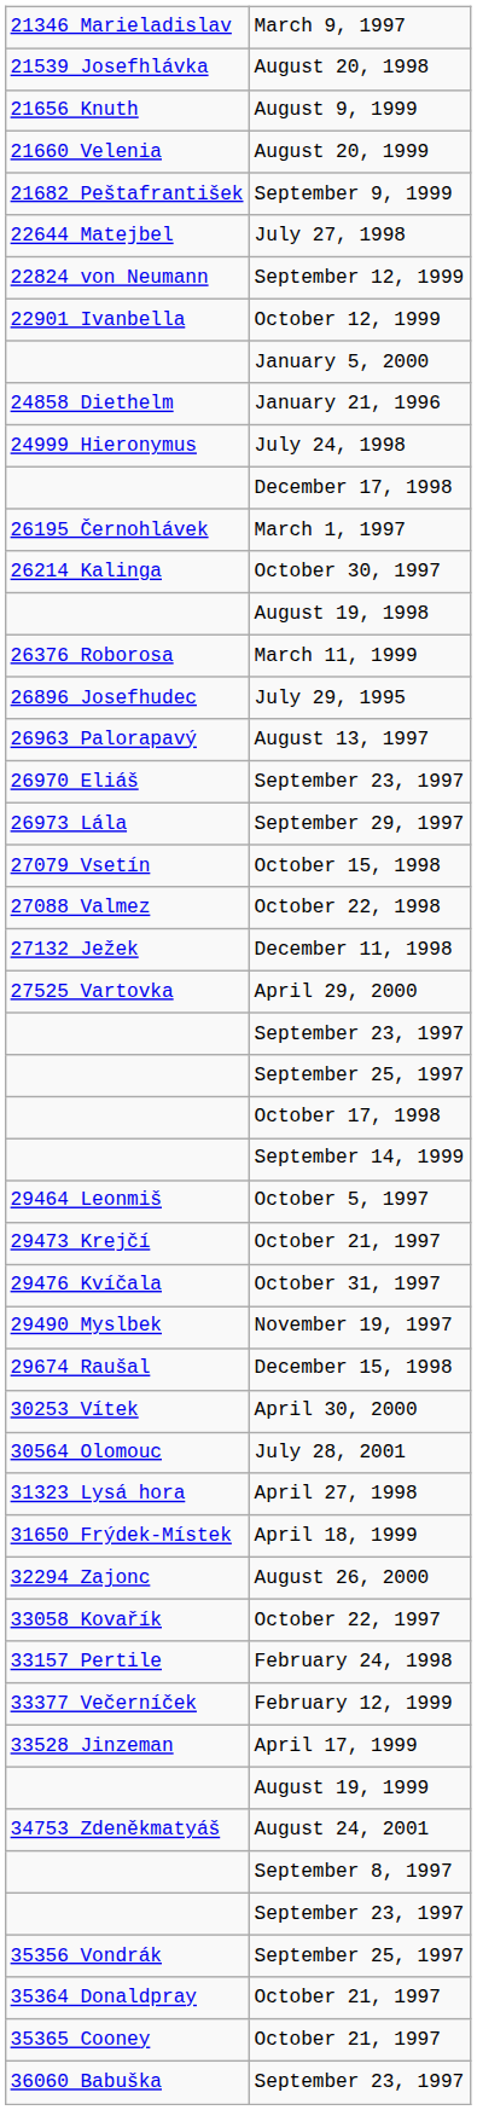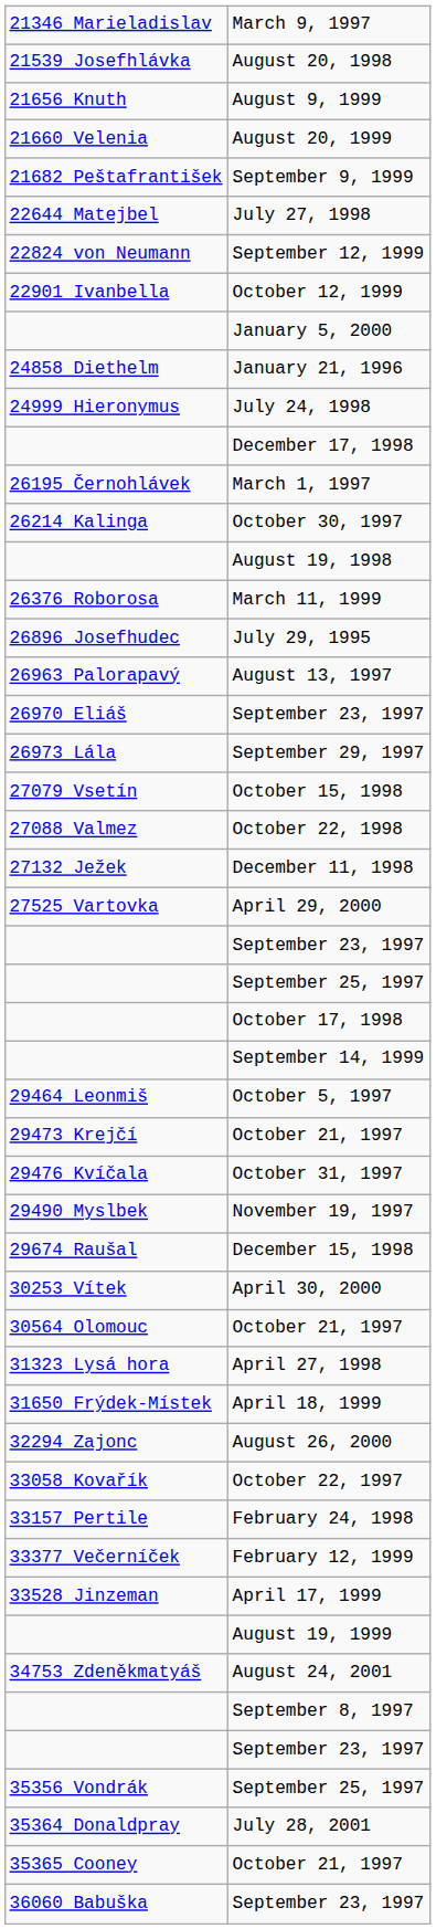 <table class="wikitable" style="font-size: 89%; float: left; width: 24em; margin-right: 1em; line-height: 1.6em !important; height: 1250px;">
 <tr>
 <td><a href='#'>21346 Marieladislav</a></td>
 <td>March 9, 1997</td>
 </tr>
 <tr>
 <td><a href='#'>21539 Josefhlávka</a></td>
 <td>August 20, 1998</td>
 </tr>
 <tr>
 <td><a href='#'>21656 Knuth</a> </td>
 <td>August 9, 1999</td>
 </tr>
 <tr>
 <td><a href='#'>21660 Velenia</a></td>
 <td>August 20, 1999</td>
 </tr>
 <tr>
 <td><a href='#'>21682 Peštafrantišek</a></td>
 <td>September 9, 1999</td>
 </tr>
 <tr>
 <td><a href='#'>22644 Matejbel</a> </td>
 <td>July 27, 1998</td>
 </tr>
 <tr>
 <td><a href='#'>22824 von Neumann</a> </td>
 <td>September 12, 1999</td>
 </tr>
 <tr>
 <td><a href='#'>22901 Ivanbella</a> </td>
 <td>October 12, 1999</td>
 </tr>
 <tr>
 <td> </td>
 <td>January 5, 2000</td>
 </tr>
 <tr>
 <td><a href='#'>24858 Diethelm</a> </td>
 <td>January 21, 1996</td>
 </tr>
 <tr>
 <td><a href='#'>24999 Hieronymus</a></td>
 <td>July 24, 1998</td>
 </tr>
 <tr>
 <td> </td>
 <td>December 17, 1998</td>
 </tr>
 <tr>
 <td><a href='#'>26195 Černohlávek</a></td>
 <td>March 1, 1997</td>
 </tr>
 <tr>
 <td><a href='#'>26214 Kalinga</a></td>
 <td>October 30, 1997</td>
 </tr>
 <tr>
 <td></td>
 <td>August 19, 1998</td>
 </tr>
 <tr>
 <td><a href='#'>26376 Roborosa</a></td>
 <td>March 11, 1999</td>
 </tr>
 <tr>
 <td><a href='#'>26896 Josefhudec</a></td>
 <td>July 29, 1995</td>
 </tr>
 <tr>
 <td><a href='#'>26963 Palorapavý</a></td>
 <td>August 13, 1997</td>
 </tr>
 <tr>
 <td><a href='#'>26970 Eliáš</a></td>
 <td>September 23, 1997</td>
 </tr>
 <tr>
 <td><a href='#'>26973 Lála</a> </td>
 <td>September 29, 1997</td>
 </tr>
 <tr>
 <td><a href='#'>27079 Vsetín</a></td>
 <td>October 15, 1998</td>
 </tr>
 <tr>
 <td><a href='#'>27088 Valmez</a></td>
 <td>October 22, 1998</td>
 </tr>
 <tr>
 <td><a href='#'>27132 Ježek</a> </td>
 <td>December 11, 1998</td>
 </tr>
 <tr>
 <td><a href='#'>27525 Vartovka</a> </td>
 <td>April 29, 2000</td>
 </tr>
 <tr>
 <td> </td>
 <td>September 23, 1997</td>
 </tr>
 <tr>
 <td> </td>
 <td>September 25, 1997</td>
 </tr>
 <tr>
 <td></td>
 <td>October 17, 1998</td>
 </tr>
 <tr>
 <td></td>
 <td>September 14, 1999</td>
 </tr>
 <tr>
 <td><a href='#'>29464 Leonmiš</a></td>
 <td>October 5, 1997</td>
 </tr>
 <tr>
 <td><a href='#'>29473 Krejčí</a> </td>
 <td>October 21, 1997</td>
 </tr>
 <tr>
 <td><a href='#'>29476 Kvíčala</a></td>
 <td>October 31, 1997</td>
 </tr>
 <tr>
 <td><a href='#'>29490 Myslbek</a></td>
 <td>November 19, 1997</td>
 </tr>
 <tr>
 <td><a href='#'>29674 Raušal</a></td>
 <td>December 15, 1998</td>
 </tr>
 <tr>
 <td><a href='#'>30253 Vítek</a> </td>
 <td>April 30, 2000</td>
 </tr>
 <tr>
 <td><a href='#'>30564 Olomouc</a></td>
-<td>July 28, 2001</td>
+<td>October 21, 1997</td>
 </tr>
 <tr>
 <td><a href='#'>31323 Lysá hora</a></td>
 <td>April 27, 1998</td>
 </tr>
 <tr>
 <td><a href='#'>31650 Frýdek-Místek</a></td>
 <td>April 18, 1999</td>
 </tr>
 <tr>
 <td><a href='#'>32294 Zajonc</a> </td>
 <td>August 26, 2000</td>
 </tr>
 <tr>
 <td><a href='#'>33058 Kovařík</a> </td>
 <td>October 22, 1997</td>
 </tr>
 <tr>
 <td><a href='#'>33157 Pertile</a></td>
 <td>February 24, 1998</td>
 </tr>
 <tr>
 <td><a href='#'>33377 Večerníček</a></td>
 <td>February 12, 1999</td>
 </tr>
 <tr>
 <td><a href='#'>33528 Jinzeman</a></td>
 <td>April 17, 1999</td>
 </tr>
 <tr>
 <td></td>
 <td>August 19, 1999</td>
 </tr>
 <tr>
 <td><a href='#'>34753 Zdeněkmatyáš</a> </td>
 <td>August 24, 2001</td>
 </tr>
 <tr>
 <td></td>
 <td>September 8, 1997</td>
 </tr>
 <tr>
 <td></td>
 <td>September 23, 1997</td>
 </tr>
 <tr>
 <td><a href='#'>35356 Vondrák</a> </td>
 <td>September 25, 1997</td>
 </tr>
 <tr>
 <td><a href='#'>35364 Donaldpray</a></td>
-<td>October 21, 1997</td>
+<td>July 28, 2001</td>
 </tr>
 <tr>
 <td><a href='#'>35365 Cooney</a></td>
 <td>October 21, 1997</td>
 </tr>
 <tr>
 <td><a href='#'>36060 Babuška</a> </td>
 <td>September 23, 1997</td>
 </tr>
 </table>
